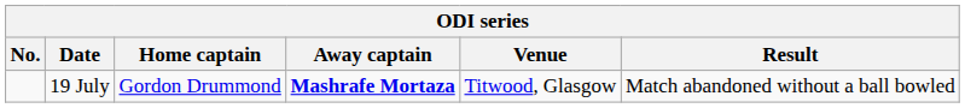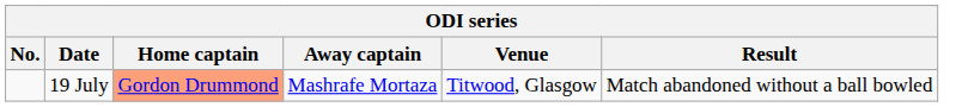 <table class="wikitable">
 <tr>
 <th colspan="9">ODI series</th>
 </tr>
 <tr>
 <th>No.</th>
 <th>Date</th>
 <th>Home captain</th>
 <th>Away captain</th>
 <th>Venue</th>
 <th>Result</th>
 </tr>
 <tr>
 <td></td>
 <td>19 July</td>
-<td><a href='#'>Gordon Drummond</a></td>
-<td><strong><a href='#'>Mashrafe Mortaza</a></strong></td>
+<td style="background: lightsalmon;"><a href='#'>Gordon Drummond</a></td>
+<td><a href='#'>Mashrafe Mortaza</a></td>
 <td><a href='#'>Titwood</a>, Glasgow</td>
 <td>Match abandoned without a ball bowled</td>
 </tr>
 </table>
